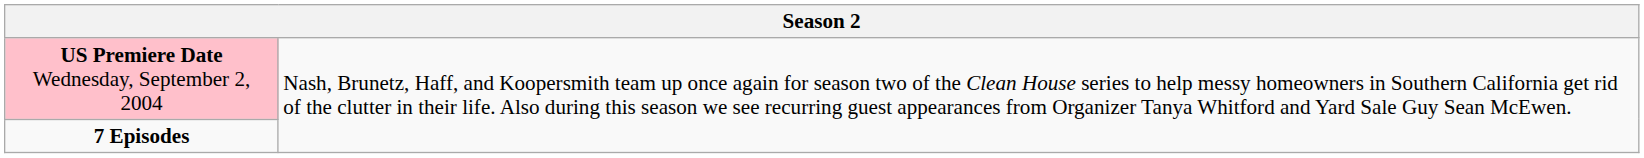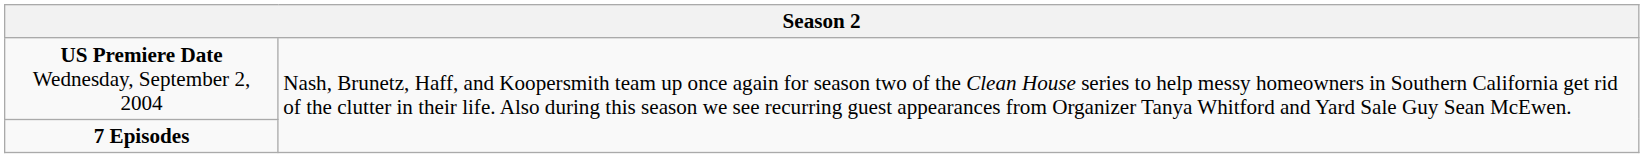 <table class="wikitable" style="width:98%;">
 <tr>
 <th colspan="2">Season 2</th>
 </tr>
 <tr>
-<td style="background: pink; width:200px; text-align:center;"><strong>US Premiere Date</strong><br>Wednesday, September 2, 2004</td>
+<td style="width:200px; text-align:center;"><strong>US Premiere Date</strong><br>Wednesday, September 2, 2004</td>
 <td rowspan="2">Nash, Brunetz, Haff, and Koopersmith team up once again for season two of the <em>Clean House</em> series to help messy homeowners in Southern California get rid of the clutter in their life. Also during this season we see recurring guest appearances from Organizer Tanya Whitford and Yard Sale Guy Sean McEwen.</td>
 </tr>
 <tr>
 <td style="text-align:center;"><strong>7 Episodes</strong></td>
 </tr>
 </table>
